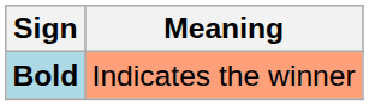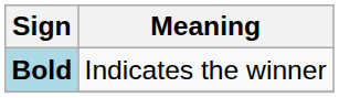 <table class="wikitable">
 <tr>
 <th>Sign</th>
 <th>Meaning</th>
 </tr>
 <tr>
 <td style="background-color:lightblue"><strong>Bold</strong></td>
-<td style="background: lightsalmon;">Indicates the winner</td>
+<td>Indicates the winner</td>
 </tr>
 <tr>
 </tr>
 </table>
